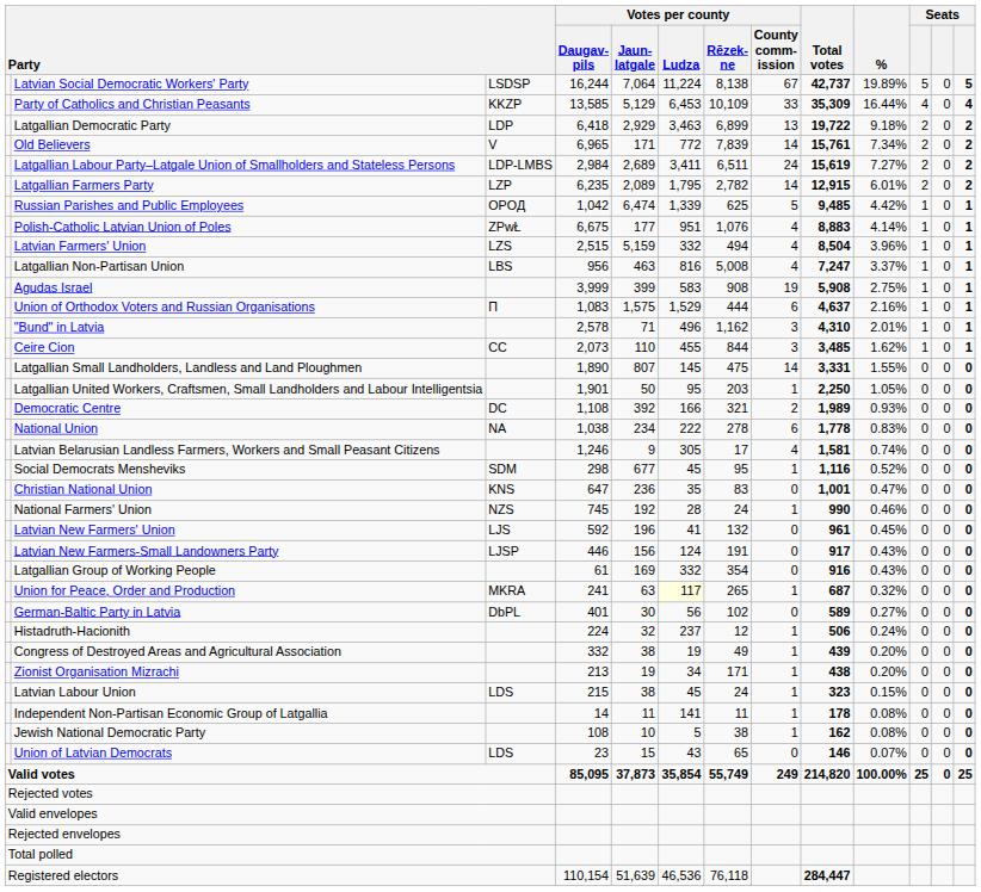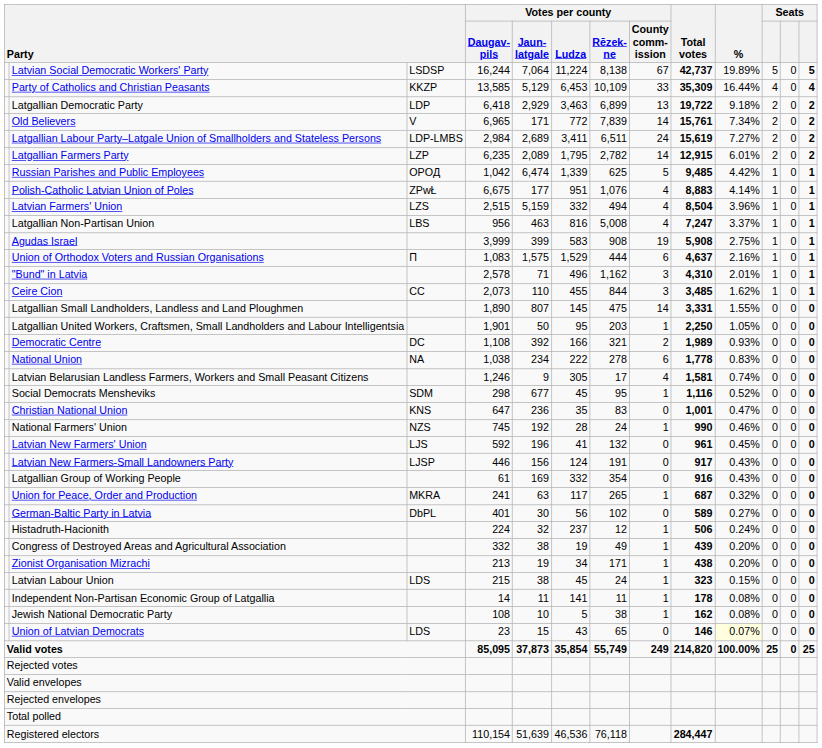 <table class="wikitable" border="1" style="text-align:right;">
 <tr>
 <th style="text-align:left;" valign=bottom rowspan=2 colspan=3>Party</th>
 <th colspan=5>Votes per county</th>
 <th align=center valign=bottom rowspan=2 width="50">Total votes</th>
 <th align=center valign=bottom rowspan=2 width="50">%</th>
 <th colspan=3>Seats</th>
 </tr>
 <tr>
 <th align=center valign=bottom width="50"><a href='#'>Daugav- pils</a></th>
 <th align=center valign=bottom width="50"><a href='#'>Jaun- latgale</a></th>
 <th align=center valign=bottom width="50"><a href='#'>Ludza</a></th>
 <th align=center valign=bottom width="50"><a href='#'>Rēzek- ne</a></th>
 <th align=center valign=bottom width="50">County comm- ission</th>
 <th align=center valign=bottom width="20"><small></small></th>
 <th align=center valign=bottom width="20"><small><a href='#'></a></small></th>
 <th align=center valign=bottom width="20"><small></small></th>
 </tr>
 <tr>
 <td></td>
 <td align=left style="white-space: nowrap;"><a href='#'>Latvian Social Democratic Workers' Party</a></td>
 <td align=left>LSDSP</td>
 <td>16,244</td>
 <td>7,064</td>
 <td>11,224</td>
 <td>8,138</td>
 <td>67</td>
 <td><strong>42,737</strong></td>
 <td>19.89%</td>
 <td>5</td>
 <td>0</td>
 <td><strong>5</strong></td>
 </tr>
 <tr>
 <td></td>
 <td align=left><a href='#'>Party of Catholics and Christian Peasants</a></td>
 <td align=left>KKZP</td>
 <td>13,585</td>
 <td>5,129</td>
 <td>6,453</td>
 <td>10,109</td>
 <td>33</td>
 <td><strong>35,309</strong></td>
 <td>16.44%</td>
 <td>4</td>
 <td>0</td>
 <td><strong>4</strong></td>
 </tr>
 <tr>
 <td></td>
 <td align=left>Latgallian Democratic Party</td>
 <td align=left>LDP</td>
 <td>6,418</td>
 <td>2,929</td>
 <td>3,463</td>
 <td>6,899</td>
 <td>13</td>
 <td><strong>19,722</strong></td>
 <td>9.18%</td>
 <td>2</td>
 <td>0</td>
 <td><strong>2</strong></td>
 </tr>
 <tr>
 <td></td>
 <td align=left><a href='#'>Old Believers</a></td>
 <td align=left>V</td>
 <td>6,965</td>
 <td>171</td>
 <td>772</td>
 <td>7,839</td>
 <td>14</td>
 <td><strong>15,761</strong></td>
 <td>7.34%</td>
 <td>2</td>
 <td>0</td>
 <td><strong>2</strong></td>
 </tr>
 <tr>
 <td></td>
 <td align=left><a href='#'>Latgallian Labour Party–Latgale Union of Smallholders and Stateless Persons</a></td>
 <td align=left>LDP-LMBS</td>
 <td>2,984</td>
 <td>2,689</td>
 <td>3,411</td>
 <td>6,511</td>
 <td>24</td>
 <td><strong>15,619</strong></td>
 <td>7.27%</td>
 <td>2</td>
 <td>0</td>
 <td><strong>2</strong></td>
 </tr>
 <tr>
 <td></td>
 <td align=left><a href='#'>Latgallian Farmers Party</a></td>
 <td align=left>LZP</td>
 <td>6,235</td>
 <td>2,089</td>
 <td>1,795</td>
 <td>2,782</td>
 <td>14</td>
 <td><strong>12,915</strong></td>
 <td>6.01%</td>
 <td>2</td>
 <td>0</td>
 <td><strong>2</strong></td>
 </tr>
 <tr>
 <td></td>
 <td align=left><a href='#'>Russian Parishes and Public Employees</a></td>
 <td align=left>OPOД</td>
 <td>1,042</td>
 <td>6,474</td>
 <td>1,339</td>
 <td>625</td>
 <td>5</td>
 <td><strong>9,485</strong></td>
 <td>4.42%</td>
 <td>1</td>
 <td>0</td>
 <td><strong>1</strong></td>
 </tr>
 <tr>
 <td></td>
 <td align=left><a href='#'>Polish-Catholic Latvian Union of Poles</a></td>
 <td align=left>ZPwŁ</td>
 <td>6,675</td>
 <td>177</td>
 <td>951</td>
 <td>1,076</td>
 <td>4</td>
 <td><strong>8,883</strong></td>
 <td>4.14%</td>
 <td>1</td>
 <td>0</td>
 <td><strong>1</strong></td>
 </tr>
 <tr>
 <td></td>
 <td align=left><a href='#'>Latvian Farmers' Union</a></td>
 <td align=left>LZS</td>
 <td>2,515</td>
 <td>5,159</td>
 <td>332</td>
 <td>494</td>
 <td>4</td>
 <td><strong>8,504</strong></td>
 <td>3.96%</td>
 <td>1</td>
 <td>0</td>
 <td><strong>1</strong></td>
 </tr>
 <tr>
 <td></td>
 <td align=left>Latgallian Non-Partisan Union</td>
 <td align=left>LBS</td>
 <td>956</td>
 <td>463</td>
 <td>816</td>
 <td>5,008</td>
 <td>4</td>
 <td><strong>7,247</strong></td>
 <td>3.37%</td>
 <td>1</td>
 <td>0</td>
 <td><strong>1</strong></td>
 </tr>
 <tr>
 <td></td>
 <td align=left><a href='#'>Agudas Israel</a></td>
 <td align=left></td>
 <td>3,999</td>
 <td>399</td>
 <td>583</td>
 <td>908</td>
 <td>19</td>
 <td><strong>5,908</strong></td>
 <td>2.75%</td>
 <td>1</td>
 <td>0</td>
 <td><strong>1</strong></td>
 </tr>
 <tr>
 <td></td>
 <td align=left><a href='#'>Union of Orthodox Voters and Russian Organisations</a></td>
 <td align=left>П</td>
 <td>1,083</td>
 <td>1,575</td>
 <td>1,529</td>
 <td>444</td>
 <td>6</td>
 <td><strong>4,637</strong></td>
 <td>2.16%</td>
 <td>1</td>
 <td>0</td>
 <td><strong>1</strong></td>
 </tr>
 <tr>
 <td></td>
 <td align=left><a href='#'>"Bund" in Latvia</a></td>
 <td align=left></td>
 <td>2,578</td>
 <td>71</td>
 <td>496</td>
 <td>1,162</td>
 <td>3</td>
 <td><strong>4,310</strong></td>
 <td>2.01%</td>
 <td>1</td>
 <td>0</td>
 <td><strong>1</strong></td>
 </tr>
 <tr>
 <td></td>
 <td align=left><a href='#'>Ceire Cion</a></td>
 <td align=left>CC</td>
 <td>2,073</td>
 <td>110</td>
 <td>455</td>
 <td>844</td>
 <td>3</td>
 <td><strong>3,485</strong></td>
 <td>1.62%</td>
 <td>1</td>
 <td>0</td>
 <td><strong>1</strong></td>
 </tr>
 <tr>
 <td></td>
 <td align=left>Latgallian Small Landholders, Landless and Land Ploughmen</td>
 <td align=left></td>
 <td>1,890</td>
 <td>807</td>
 <td>145</td>
 <td>475</td>
 <td>14</td>
 <td><strong>3,331</strong></td>
 <td>1.55%</td>
 <td>0</td>
 <td>0</td>
 <td><strong>0</strong></td>
 </tr>
 <tr>
 <td></td>
 <td align=left>Latgallian United Workers, Craftsmen, Small Landholders and Labour Intelligentsia</td>
 <td align=left></td>
 <td>1,901</td>
 <td>50</td>
 <td>95</td>
 <td>203</td>
 <td>1</td>
 <td><strong>2,250</strong></td>
 <td>1.05%</td>
 <td>0</td>
 <td>0</td>
 <td><strong>0</strong></td>
 </tr>
 <tr>
 <td></td>
 <td align=left><a href='#'>Democratic Centre</a></td>
 <td align=left>DC</td>
 <td>1,108</td>
 <td>392</td>
 <td>166</td>
 <td>321</td>
 <td>2</td>
 <td><strong>1,989</strong></td>
 <td>0.93%</td>
 <td>0</td>
 <td>0</td>
 <td><strong>0</strong></td>
 </tr>
 <tr>
 <td></td>
 <td align=left><a href='#'>National Union</a></td>
 <td align=left>NA</td>
 <td>1,038</td>
 <td>234</td>
 <td>222</td>
 <td>278</td>
 <td>6</td>
 <td><strong>1,778</strong></td>
 <td>0.83%</td>
 <td>0</td>
 <td>0</td>
 <td><strong>0</strong></td>
 </tr>
 <tr>
 <td></td>
 <td align=left>Latvian Belarusian Landless Farmers, Workers and Small Peasant Citizens</td>
 <td align=left></td>
 <td>1,246</td>
 <td>9</td>
 <td>305</td>
 <td>17</td>
 <td>4</td>
 <td><strong>1,581</strong></td>
 <td>0.74%</td>
 <td>0</td>
 <td>0</td>
 <td><strong>0</strong></td>
 </tr>
 <tr>
 <td></td>
 <td align=left>Social Democrats Mensheviks</td>
 <td align=left>SDM</td>
 <td>298</td>
 <td>677</td>
 <td>45</td>
 <td>95</td>
 <td>1</td>
 <td><strong>1,116</strong></td>
 <td>0.52%</td>
 <td>0</td>
 <td>0</td>
 <td><strong>0</strong></td>
 </tr>
 <tr>
 <td></td>
 <td align=left><a href='#'>Christian National Union</a></td>
 <td align=left>KNS</td>
 <td>647</td>
 <td>236</td>
 <td>35</td>
 <td>83</td>
 <td>0</td>
 <td><strong>1,001</strong></td>
 <td>0.47%</td>
 <td>0</td>
 <td>0</td>
 <td><strong>0</strong></td>
 </tr>
 <tr>
 <td></td>
 <td align=left>National Farmers' Union</td>
 <td align=left>NZS</td>
 <td>745</td>
 <td>192</td>
 <td>28</td>
 <td>24</td>
 <td>1</td>
 <td><strong>990</strong></td>
 <td>0.46%</td>
 <td>0</td>
 <td>0</td>
 <td><strong>0</strong></td>
 </tr>
 <tr>
 <td></td>
 <td align=left><a href='#'>Latvian New Farmers' Union</a></td>
 <td align=left>LJS</td>
 <td>592</td>
 <td>196</td>
 <td>41</td>
 <td>132</td>
 <td>0</td>
 <td><strong>961</strong></td>
 <td>0.45%</td>
 <td>0</td>
 <td>0</td>
 <td><strong>0</strong></td>
 </tr>
 <tr>
 <td></td>
 <td align=left><a href='#'>Latvian New Farmers-Small Landowners Party</a></td>
 <td align=left>LJSP</td>
 <td>446</td>
 <td>156</td>
 <td>124</td>
 <td>191</td>
 <td>0</td>
 <td><strong>917</strong></td>
 <td>0.43%</td>
 <td>0</td>
 <td>0</td>
 <td><strong>0</strong></td>
 </tr>
 <tr>
 <td></td>
 <td align=left>Latgallian Group of Working People</td>
 <td align=left></td>
 <td>61</td>
 <td>169</td>
 <td>332</td>
 <td>354</td>
 <td>0</td>
 <td><strong>916</strong></td>
 <td>0.43%</td>
 <td>0</td>
 <td>0</td>
 <td><strong>0</strong></td>
 </tr>
 <tr>
 <td></td>
 <td align=left><a href='#'>Union for Peace, Order and Production</a></td>
 <td align=left>MKRA</td>
 <td>241</td>
 <td>63</td>
-<td style="background: lightyellow;">117</td>
+<td>117</td>
 <td>265</td>
 <td>1</td>
 <td><strong>687</strong></td>
 <td>0.32%</td>
 <td>0</td>
 <td>0</td>
 <td><strong>0</strong></td>
 </tr>
 <tr>
 <td></td>
 <td align=left><a href='#'>German-Baltic Party in Latvia</a></td>
 <td align=left>DbPL</td>
 <td>401</td>
 <td>30</td>
 <td>56</td>
 <td>102</td>
 <td>0</td>
 <td><strong>589</strong></td>
 <td>0.27%</td>
 <td>0</td>
 <td>0</td>
 <td><strong>0</strong></td>
 </tr>
 <tr>
 <td></td>
 <td align=left>Histadruth-Hacionith</td>
 <td align=left></td>
 <td>224</td>
 <td>32</td>
 <td>237</td>
 <td>12</td>
 <td>1</td>
 <td><strong>506</strong></td>
 <td>0.24%</td>
 <td>0</td>
 <td>0</td>
 <td><strong>0</strong></td>
 </tr>
 <tr>
 <td></td>
 <td align=left>Congress of Destroyed Areas and Agricultural Association</td>
 <td align=left></td>
 <td>332</td>
 <td>38</td>
 <td>19</td>
 <td>49</td>
 <td>1</td>
 <td><strong>439</strong></td>
 <td>0.20%</td>
 <td>0</td>
 <td>0</td>
 <td><strong>0</strong></td>
 </tr>
 <tr>
 <td></td>
 <td align=left><a href='#'>Zionist Organisation Mizrachi</a></td>
 <td align=left></td>
 <td>213</td>
 <td>19</td>
 <td>34</td>
 <td>171</td>
 <td>1</td>
 <td><strong>438</strong></td>
 <td>0.20%</td>
 <td>0</td>
 <td>0</td>
 <td><strong>0</strong></td>
 </tr>
 <tr>
 <td></td>
 <td align=left>Latvian Labour Union</td>
 <td align=left>LDS</td>
 <td>215</td>
 <td>38</td>
 <td>45</td>
 <td>24</td>
 <td>1</td>
 <td><strong>323</strong></td>
 <td>0.15%</td>
 <td>0</td>
 <td>0</td>
 <td><strong>0</strong></td>
 </tr>
 <tr>
 <td></td>
 <td align=left>Independent Non-Partisan Economic Group of Latgallia</td>
 <td align=left></td>
 <td>14</td>
 <td>11</td>
 <td>141</td>
 <td>11</td>
 <td>1</td>
 <td><strong>178</strong></td>
 <td>0.08%</td>
 <td>0</td>
 <td>0</td>
 <td><strong>0</strong></td>
 </tr>
 <tr>
 <td></td>
 <td align=left>Jewish National Democratic Party</td>
 <td align=left></td>
 <td>108</td>
 <td>10</td>
 <td>5</td>
 <td>38</td>
 <td>1</td>
 <td><strong>162</strong></td>
 <td>0.08%</td>
 <td>0</td>
 <td>0</td>
 <td><strong>0</strong></td>
 </tr>
 <tr>
 <td></td>
 <td align=left><a href='#'>Union of Latvian Democrats</a></td>
 <td align=left>LDS</td>
 <td>23</td>
 <td>15</td>
 <td>43</td>
 <td>65</td>
 <td>0</td>
 <td><strong>146</strong></td>
-<td>0.07%</td>
+<td style="background: lightyellow;">0.07%</td>
 <td>0</td>
 <td>0</td>
 <td><strong>0</strong></td>
 </tr>
 <tr style="font-weight:bold">
 <td align=left colspan=3>Valid votes</td>
 <td>85,095</td>
 <td>37,873</td>
 <td>35,854</td>
 <td>55,749</td>
 <td>249</td>
 <td>214,820</td>
 <td>100.00%</td>
 <td>25</td>
 <td>0</td>
 <td>25</td>
 </tr>
 <tr>
 <td align=left colspan=3>Rejected votes</td>
 <td></td>
 <td></td>
 <td></td>
 <td></td>
 <td></td>
 <td></td>
 <td></td>
 <td></td>
 <td></td>
 <td></td>
 </tr>
 <tr>
 <td align=left colspan=3>Valid envelopes</td>
 <td></td>
 <td></td>
 <td></td>
 <td></td>
 <td></td>
 <td></td>
 <td></td>
 <td></td>
 <td></td>
 <td></td>
 </tr>
 <tr>
 <td align=left colspan=3>Rejected envelopes</td>
 <td></td>
 <td></td>
 <td></td>
 <td></td>
 <td></td>
 <td></td>
 <td></td>
 <td></td>
 <td></td>
 <td></td>
 </tr>
 <tr>
 <td align=left colspan=3>Total polled</td>
 <td></td>
 <td></td>
 <td></td>
 <td></td>
 <td></td>
 <td></td>
 <td></td>
 <td></td>
 <td></td>
 <td></td>
 </tr>
 <tr>
 <td align=left colspan=3>Registered electors</td>
 <td>110,154</td>
 <td>51,639</td>
 <td>46,536</td>
 <td>76,118</td>
 <td></td>
 <td><strong>284,447</strong></td>
 <td></td>
 <td></td>
 <td></td>
 <td></td>
 </tr>
 </table>
